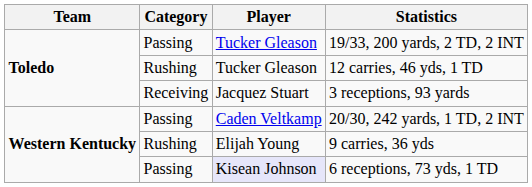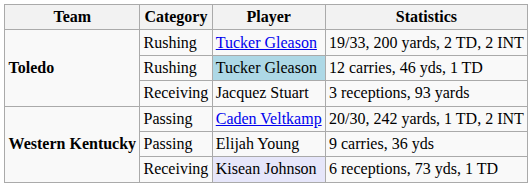 <table class="wikitable" style="float: right;">
 <tr>
 <th>Team</th>
 <th>Category</th>
 <th>Player</th>
 <th>Statistics</th>
 </tr>
 <tr>
 <td rowspan=3><strong>Toledo</strong></td>
-<td>Passing</td>
+<td>Rushing</td>
 <td><a href='#'>Tucker Gleason</a></td>
 <td>19/33, 200 yards, 2 TD, 2 INT</td>
 </tr>
 <tr>
 <td>Rushing</td>
-<td>Tucker Gleason</td>
+<td style="background: lightblue;">Tucker Gleason</td>
 <td>12 carries, 46 yds, 1 TD</td>
 </tr>
 <tr>
 <td>Receiving</td>
 <td>Jacquez Stuart</td>
 <td>3 receptions, 93 yards</td>
 </tr>
 <tr>
 <td rowspan=3><strong>Western Kentucky</strong></td>
 <td>Passing</td>
 <td><a href='#'>Caden Veltkamp</a></td>
 <td>20/30, 242 yards, 1 TD, 2 INT</td>
 </tr>
 <tr>
-<td>Rushing</td>
+<td>Passing</td>
 <td>Elijah Young</td>
 <td>9 carries, 36 yds</td>
 </tr>
 <tr>
-<td>Passing</td>
+<td>Receiving</td>
 <td style="background: lavender;">Kisean Johnson</td>
 <td>6 receptions, 73 yds, 1 TD</td>
 </tr>
 </table>
